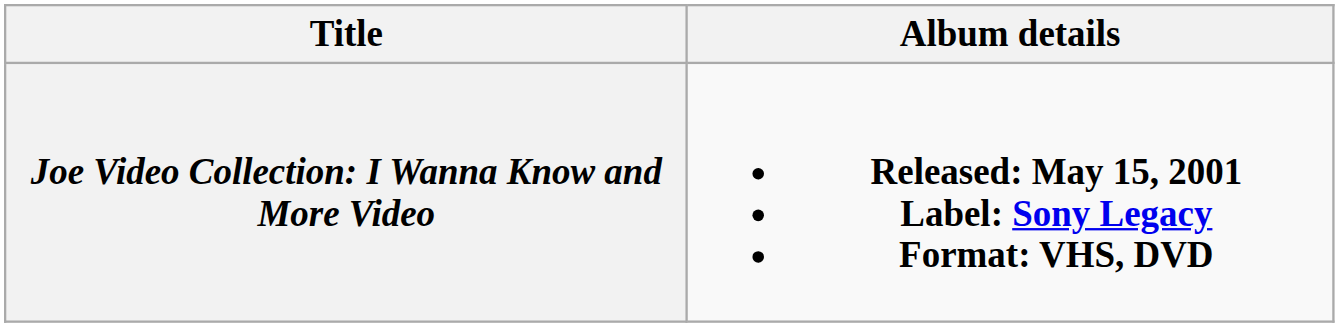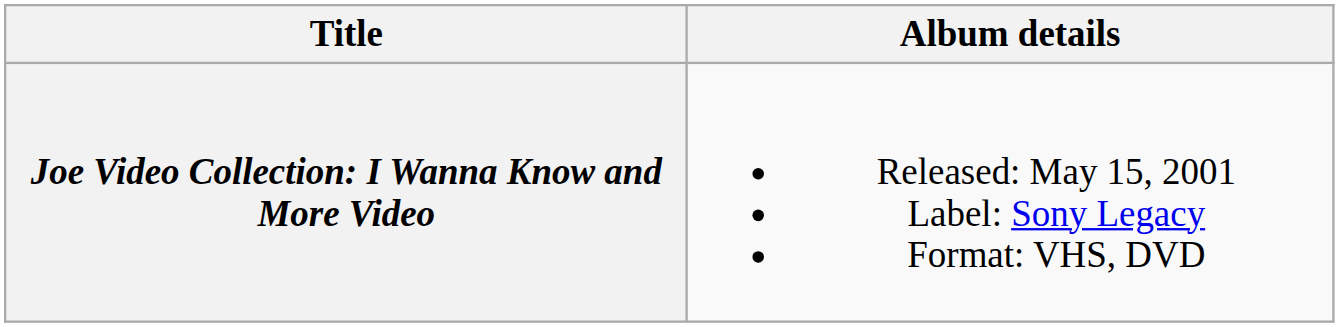 <table class="wikitable plainrowheaders" style="text-align:center;">
 <tr>
 <th scope="col" style="width:18em;">Title</th>
 <th scope="col" style="width:17em;">Album details</th>
 </tr>
 <tr>
 <th scope="row"><em>Joe Video Collection: I Wanna Know and More Video</em></th>
-<td><strong><br><ul><li>Released: May 15, 2001</li><li>Label: <a href='#'>Sony Legacy</a></li><li>Format: VHS, DVD</li></ul></strong></td>
+<td><br><ul><li>Released: May 15, 2001</li><li>Label: <a href='#'>Sony Legacy</a></li><li>Format: VHS, DVD</li></ul></td>
 </tr>
 </table>
